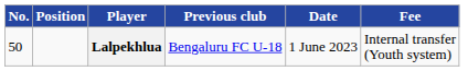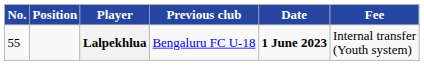 <table class="wikitable plainrowheaders" style="text-align:center; text-align:left">
 <tr>
 <th style="background:#2545A0; color:#FFFFFF; ">No.</th>
 <th scope="col" style="background:#2545A0; color:#FFFFFF; ">Position</th>
 <th scope="col" style="background:#2545A0; color:#FFFFFF; ">Player</th>
 <th scope="col" style="background:#2545A0; color:#FFFFFF; ">Previous club</th>
 <th scope="col" style="background:#2545A0; color:#FFFFFF; ">Date</th>
 <th scope="col" style="background:#2545A0; color:#FFFFFF; ">Fee</th>
 </tr>
 <tr>
-<td>50</td>
+<td>55</td>
 <td></td>
 <th scope="row"> Lalpekhlua</th>
 <td rowspan=5> <a href='#'>Bengaluru FC U-18</a></td>
-<td>1 June 2023</td>
+<td><strong>1 June 2023</strong></td>
 <td rowspan="25">Internal transfer <br> (Youth system)</td>
 </tr>
 </table>
